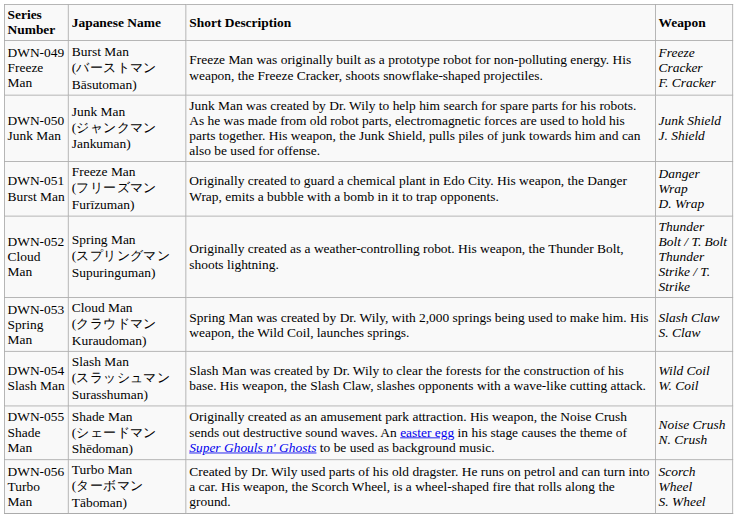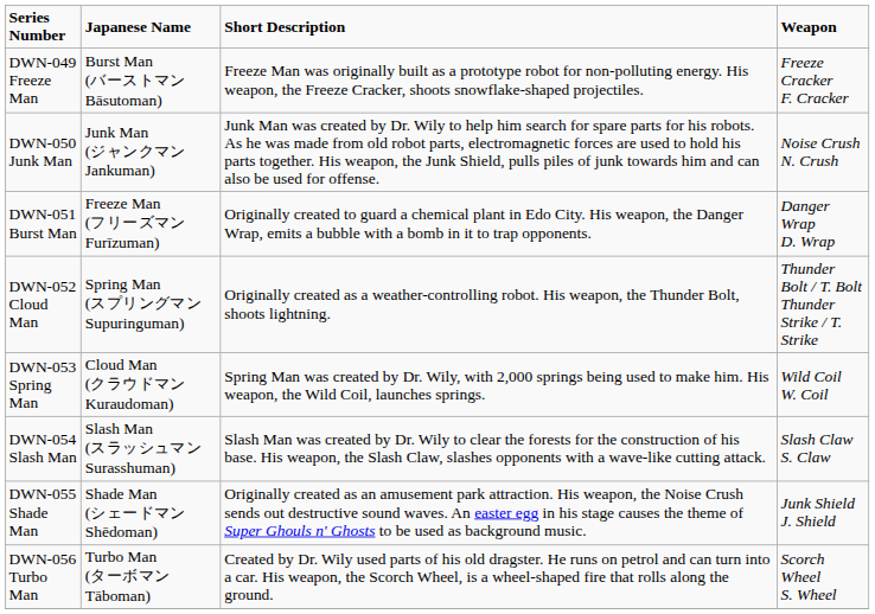 <table class="wikitable">
 <tr>
 <td><strong>Series Number</strong></td>
 <td><strong>Japanese Name</strong></td>
 <td><strong>Short Description</strong></td>
 <td><strong>Weapon</strong></td>
 </tr>
 <tr>
 <td>DWN-049<br>Freeze Man</td>
 <td>Burst Man<br>(バーストマン Bāsutoman)</td>
 <td>Freeze Man was originally built as a prototype robot for non-polluting energy. His weapon, the Freeze Cracker, shoots snowflake-shaped projectiles.</td>
 <td><em>Freeze Cracker</em><br><em>F. Cracker</em></td>
 </tr>
 <tr>
 <td>DWN-050<br>Junk Man</td>
 <td>Junk Man<br>(ジャンクマン Jankuman)</td>
 <td>Junk Man was created by Dr. Wily to help him search for spare parts for his robots. As he was made from old robot parts, electromagnetic forces are used to hold his parts together. His weapon, the Junk Shield, pulls piles of junk towards him and can also be used for offense.</td>
-<td><em>Junk Shield</em><br><em>J. Shield</em></td>
+<td><em>Noise Crush</em><br><em>N. Crush</em></td>
 </tr>
 <tr>
 <td>DWN-051<br>Burst Man</td>
 <td>Freeze Man<br>(フリーズマン Furīzuman)</td>
 <td>Originally created to guard a chemical plant in Edo City. His weapon, the Danger Wrap, emits a bubble with a bomb in it to trap opponents.</td>
 <td><em>Danger Wrap</em><br><em>D. Wrap</em></td>
 </tr>
 <tr>
 <td>DWN-052<br>Cloud Man</td>
 <td>Spring Man<br>(スプリングマン Supuringuman)</td>
 <td>Originally created as a weather-controlling robot. His weapon, the Thunder Bolt, shoots lightning.</td>
 <td><em>Thunder Bolt / T. Bolt</em><br><em>Thunder Strike / T. Strike</em></td>
 </tr>
 <tr>
 <td>DWN-053<br>Spring Man</td>
 <td>Cloud Man<br>(クラウドマン Kuraudoman)</td>
 <td>Spring Man was created by Dr. Wily, with 2,000 springs being used to make him. His weapon, the Wild Coil, launches springs.</td>
-<td><em>Slash Claw</em><br><em>S. Claw</em></td>
+<td><em>Wild Coil</em><br><em>W. Coil</em></td>
 </tr>
 <tr>
 <td>DWN-054<br>Slash Man</td>
 <td>Slash Man<br>(スラッシュマン Surasshuman)</td>
 <td>Slash Man was created by Dr. Wily to clear the forests for the construction of his base. His weapon, the Slash Claw, slashes opponents with a wave-like cutting attack.</td>
-<td><em>Wild Coil</em><br><em>W. Coil</em></td>
+<td><em>Slash Claw</em><br><em>S. Claw</em></td>
 </tr>
 <tr>
 <td>DWN-055<br>Shade Man</td>
 <td>Shade Man<br>(シェードマン Shēdoman)</td>
 <td>Originally created as an amusement park attraction. His weapon, the Noise Crush sends out destructive sound waves. An <a href='#'>easter egg</a> in his stage causes the theme of <em><a href='#'>Super Ghouls n' Ghosts</a></em> to be used as background music.</td>
-<td><em>Noise Crush</em><br><em>N. Crush</em></td>
+<td><em>Junk Shield</em><br><em>J. Shield</em></td>
 </tr>
 <tr>
 <td>DWN-056<br>Turbo Man</td>
 <td>Turbo Man<br>(ターボマン Tāboman)</td>
 <td>Created by Dr. Wily used parts of his old dragster. He runs on petrol and can turn into a car. His weapon, the Scorch Wheel, is a wheel-shaped fire that rolls along the ground.</td>
 <td><em>Scorch Wheel</em><br><em>S. Wheel</em></td>
 </tr>
 <tr>
 </tr>
 </table>
